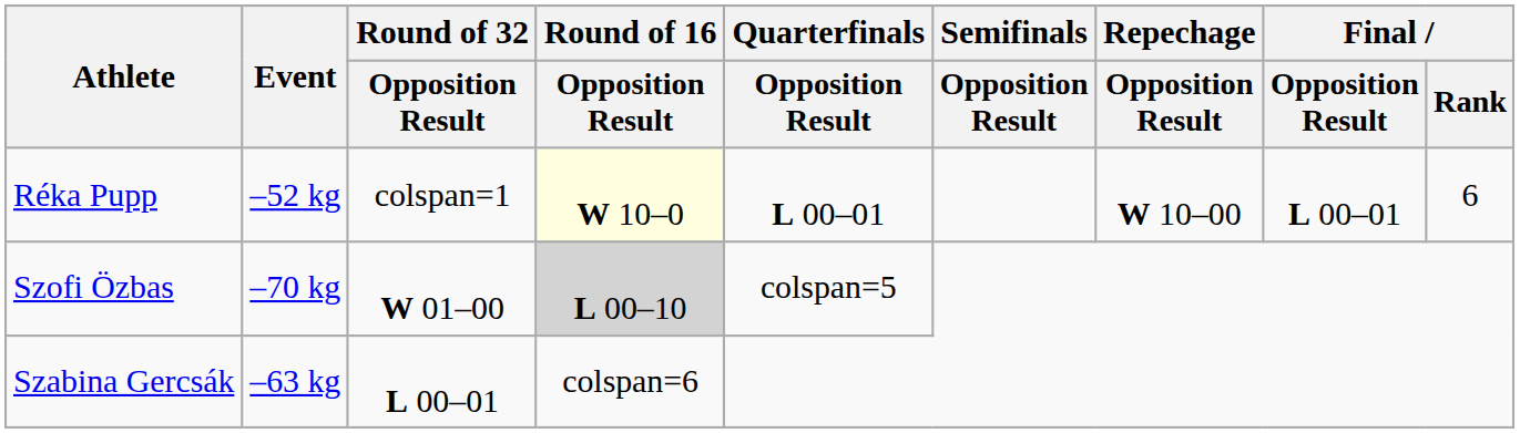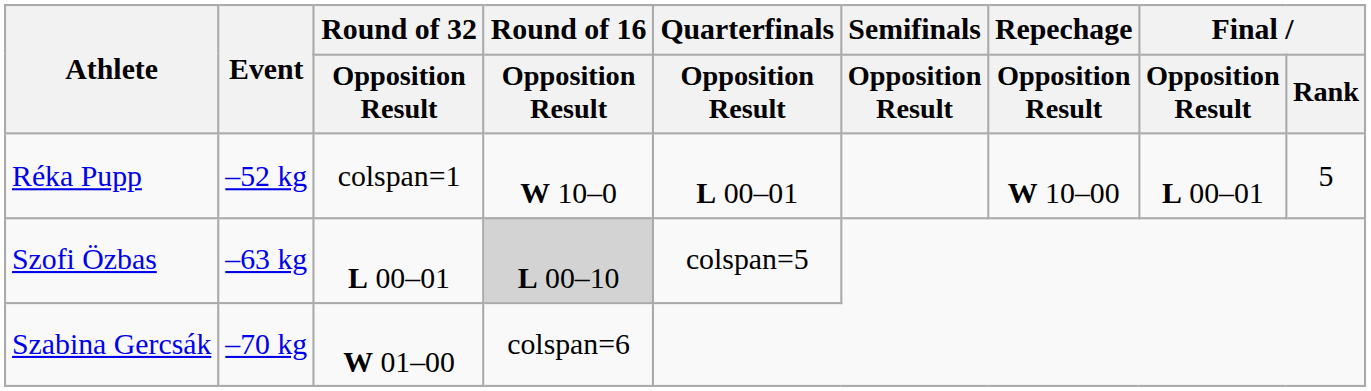 <table class="wikitable" style="font-size:90%">
 <tr>
 <th rowspan="2">Athlete</th>
 <th rowspan="2">Event</th>
 <th>Round of 32</th>
 <th>Round of 16</th>
 <th>Quarterfinals</th>
 <th>Semifinals</th>
 <th>Repechage</th>
 <th colspan=2>Final / </th>
 </tr>
 <tr style="font-size:95%">
 <th>Opposition<br>Result</th>
 <th>Opposition<br>Result</th>
 <th>Opposition<br>Result</th>
 <th>Opposition<br>Result</th>
 <th>Opposition<br>Result</th>
 <th>Opposition<br>Result</th>
 <th>Rank</th>
 </tr>
 <tr align=center>
 <td align=left><a href='#'>Réka Pupp</a></td>
 <td align=left><a href='#'>–52 kg</a></td>
 <td>colspan=1 </td>
-<td style="background: lightyellow;"><br><strong>W</strong> 10–0</td>
+<td><br><strong>W</strong> 10–0</td>
 <td><br><strong>L</strong> 00–01</td>
 <td></td>
 <td><br><strong>W</strong> 10–00</td>
 <td><br><strong>L</strong> 00–01</td>
-<td>6</td>
+<td>5</td>
 </tr>
 <tr align=center>
 <td align=left><a href='#'>Szofi Özbas</a></td>
-<td align=left><a href='#'>–70 kg</a></td>
-<td><br><strong>W</strong> 01–00</td>
+<td align=left><a href='#'>–63 kg</a></td>
+<td><br><strong>L</strong> 00–01</td>
 <td style="background: lightgrey;"><br><strong>L</strong> 00–10</td>
 <td>colspan=5 </td>
 </tr>
 <tr align=center>
 <td align=left><a href='#'>Szabina Gercsák</a></td>
-<td align=left><a href='#'>–63 kg</a></td>
-<td><br><strong>L</strong> 00–01</td>
+<td align=left><a href='#'>–70 kg</a></td>
+<td><br><strong>W</strong> 01–00</td>
 <td>colspan=6 </td>
 </tr>
 </table>
